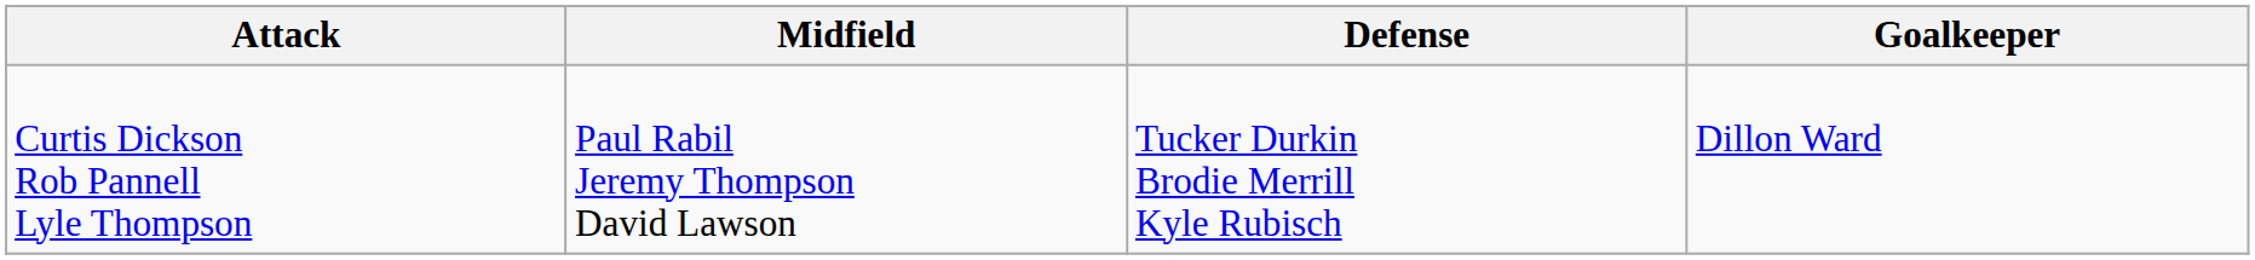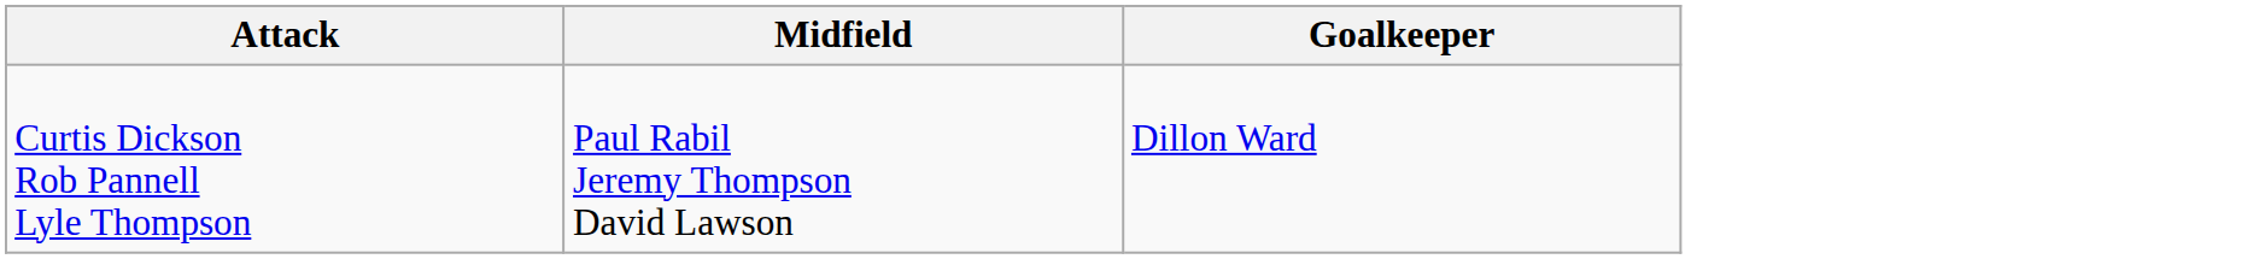 <table class="wikitable">
 <tr>
 <th width=230>Attack</th>
 <th width=230>Midfield</th>
-<th width=230>Defense</th>
 <th width=230>Goalkeeper</th>
 </tr>
 <tr>
 <td valign=top><br> <a href='#'>Curtis Dickson</a> <br>  <a href='#'>Rob Pannell</a> <br>  <a href='#'>Lyle Thompson</a> <br></td>
 <td valign=top><br> <a href='#'>Paul Rabil</a> <br>  <a href='#'>Jeremy Thompson</a> <br>  David Lawson</td>
-<td valign=top><br> <a href='#'>Tucker Durkin</a> <br>  <a href='#'>Brodie Merrill</a> <br>  <a href='#'>Kyle Rubisch</a></td>
 <td valign=top><br> <a href='#'>Dillon Ward</a></td>
 </tr>
 </table>
